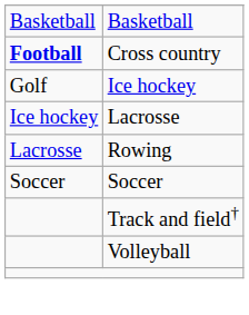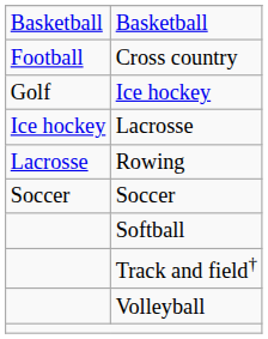 <table class="wikitable" style=" ">
 <tr>
 </tr>
 <tr>
 <td><a href='#'>Basketball</a></td>
 <td><a href='#'>Basketball</a></td>
 </tr>
 <tr>
-<td><strong><a href='#'>Football</a></strong></td>
+<td><a href='#'>Football</a></td>
 <td>Cross country</td>
 </tr>
 <tr>
 <td>Golf</td>
 <td><a href='#'>Ice hockey</a></td>
 </tr>
 <tr>
 <td><a href='#'>Ice hockey</a></td>
 <td>Lacrosse</td>
 </tr>
 <tr>
 <td><a href='#'>Lacrosse</a></td>
 <td>Rowing</td>
 </tr>
 <tr>
 <td>Soccer</td>
 <td>Soccer</td>
 </tr>
 <tr>
 <td></td>
+<td>Softball</td>
+</tr>
+<tr>
+<td></td>
 <td>Track and field<sup>†</sup></td>
 </tr>
 <tr>
 <td></td>
 <td>Volleyball</td>
 </tr>
 <tr>
 <td colspan="2"></td>
 </tr>
 </table>
